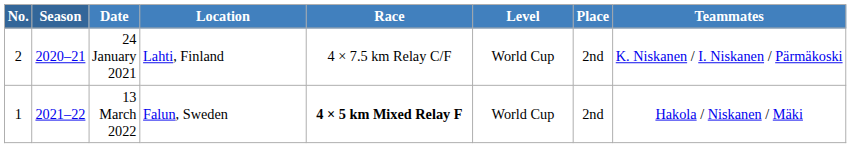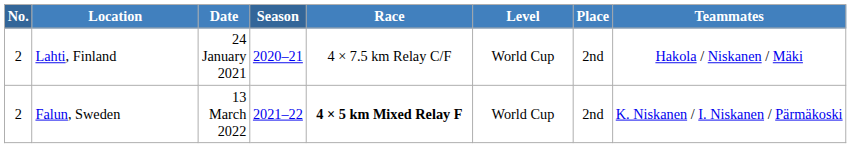 <table class="wikitable sortable" style="font-size:95%; text-align:center; border:grey solid 1px; border-collapse:collapse; background:#ffffff;">
 <tr style="background:#efefef;">
 <th style="background-color:#369; color:white;">No.</th>
+<th style="background-color:#4180be; color:white; width:170px;">Location</th>
+<th style="background-color:#4180be; color:white; width:10px;">Date</th>
 <th style="background-color:#369; color:white;">Season</th>
-<th style="background-color:#4180be; color:white; width:10px;">Date</th>
-<th style="background-color:#4180be; color:white; width:170px;">Location</th>
 <th style="background-color:#4180be; color:white; width:170px;">Race</th>
 <th style="background-color:#4180be; color:white; width:100px;">Level</th>
 <th style="background-color:#4180be; color:white;">Place</th>
 <th style="background-color:#4180be; color:white;">Teammates</th>
 </tr>
 <tr>
 <td align=center>2</td>
+<td align=left> <a href='#'>Lahti</a>, Finland</td>
+<td align=right>24 January 2021</td>
 <td rowspan=1 align=center><a href='#'>2020–21</a></td>
-<td align=right>24 January 2021</td>
-<td align=left> <a href='#'>Lahti</a>, Finland</td>
 <td>4 × 7.5 km Relay C/F</td>
+<td>World Cup</td>
+<td>2nd</td>
+<td><a href='#'>Hakola</a> / <a href='#'>Niskanen</a> / <a href='#'>Mäki</a></td>
+</tr>
+<tr>
+<td align=center>2</td>
+<td align=left> <a href='#'>Falun</a>, Sweden</td>
+<td align=right>13 March 2022</td>
+<td rowspan=1 align=center><a href='#'>2021–22</a></td>
+<td><strong>4 × 5 km Mixed Relay F</strong></td>
 <td>World Cup</td>
 <td>2nd</td>
 <td><a href='#'>K. Niskanen</a> / <a href='#'>I. Niskanen</a> / <a href='#'>Pärmäkoski</a></td>
 </tr>
-<tr>
-<td align=center>1</td>
-<td rowspan=1 align=center><a href='#'>2021–22</a></td>
-<td align=right>13 March 2022</td>
-<td align=left> <a href='#'>Falun</a>, Sweden</td>
-<td><strong>4 × 5 km Mixed Relay F</strong></td>
-<td>World Cup</td>
-<td>2nd</td>
-<td><a href='#'>Hakola</a> / <a href='#'>Niskanen</a> / <a href='#'>Mäki</a></td>
-</tr>
 </table>
